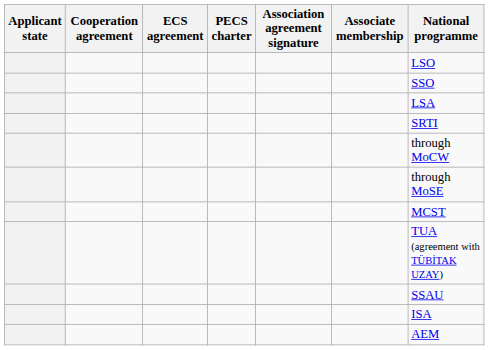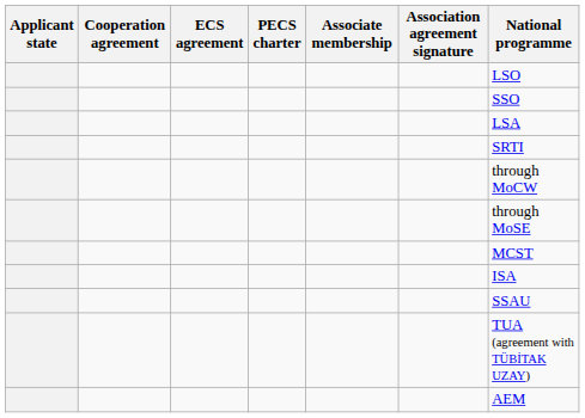 <table class="wikitable sortable plainrowheaders">
 <tr>
 <th scope="col">Applicant state</th>
 <th scope="col">Cooperation agreement</th>
 <th scope="col">ECS agreement</th>
 <th scope="col">PECS charter</th>
+<th scope="col">Associate membership</th>
 <th scope="col">Association agreement signature</th>
-<th scope="col">Associate membership</th>
 <th class="unsortable">National programme</th>
 </tr>
 <tr>
 <th scope="row"></th>
 <td></td>
 <td></td>
 <td></td>
 <td></td>
 <td></td>
 <td><a href='#'>LSO</a></td>
 </tr>
 <tr>
 <th scope="row"></th>
 <td></td>
 <td></td>
 <td></td>
 <td></td>
 <td></td>
 <td><a href='#'>SSO</a></td>
 </tr>
 <tr>
 <th scope="row"></th>
 <td></td>
 <td></td>
 <td></td>
 <td></td>
 <td></td>
 <td><a href='#'>LSA</a></td>
 </tr>
 <tr>
 <th scope="row"></th>
 <td></td>
 <td></td>
 <td></td>
 <td></td>
 <td></td>
 <td><a href='#'>SRTI</a></td>
 </tr>
 <tr>
 <th scope="row"></th>
 <td></td>
 <td></td>
 <td></td>
 <td></td>
 <td></td>
 <td>through <a href='#'>MoCW</a></td>
 </tr>
 <tr>
 <th scope="row"></th>
 <td></td>
 <td></td>
 <td></td>
 <td></td>
 <td></td>
 <td>through <a href='#'>MoSE</a></td>
 </tr>
 <tr>
 <th scope="row"></th>
 <td></td>
 <td></td>
 <td></td>
 <td></td>
 <td></td>
 <td><a href='#'>MCST</a></td>
 </tr>
 <tr>
 <th scope="row"></th>
 <td></td>
 <td></td>
 <td></td>
 <td></td>
 <td></td>
-<td><a href='#'>TUA</a><br><small>(agreement with <a href='#'>TÜBİTAK UZAY</a>)</small></td>
+<td><a href='#'>ISA</a></td>
 </tr>
 <tr>
 <th scope="row"></th>
 <td></td>
 <td></td>
 <td></td>
 <td></td>
 <td></td>
 <td><a href='#'>SSAU</a></td>
 </tr>
 <tr>
 <th scope="row"></th>
 <td></td>
 <td></td>
 <td></td>
 <td></td>
 <td></td>
-<td><a href='#'>ISA</a></td>
+<td><a href='#'>TUA</a><br><small>(agreement with <a href='#'>TÜBİTAK UZAY</a>)</small></td>
 </tr>
 <tr>
 <th scope="row"></th>
 <td></td>
 <td></td>
 <td></td>
 <td></td>
 <td></td>
 <td><a href='#'>AEM</a></td>
 </tr>
 </table>
